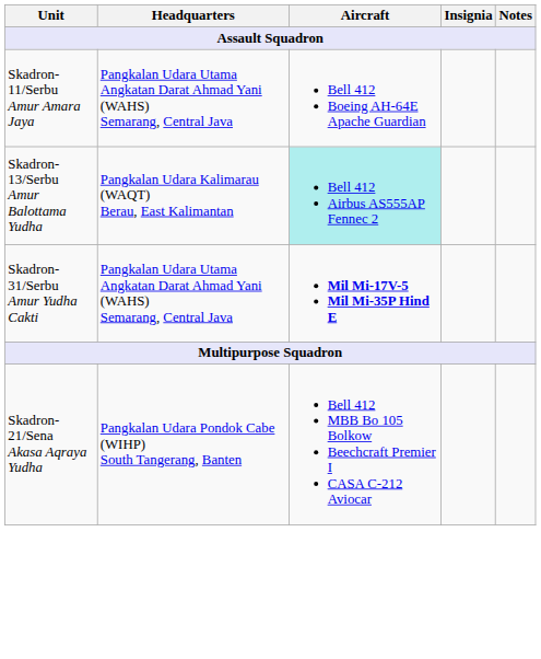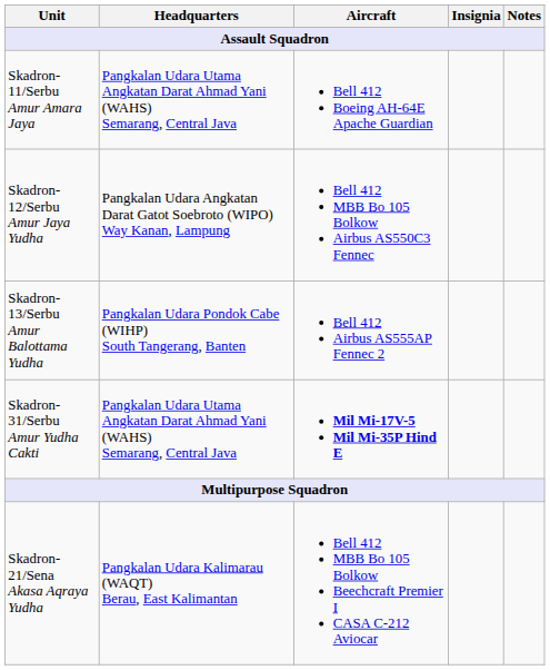 <table class="wikitable">
 <tr>
 <th style="text-align: center;">Unit</th>
 <th style="text-align: center;">Headquarters</th>
 <th style="text-align: center;">Aircraft</th>
 <th style="text-align: center;">Insignia</th>
 <th style="text-align: center;">Notes</th>
 </tr>
 <tr>
 <th colspan="5" style="align: center; background: lavender;"><strong>Assault Squadron</strong></th>
 </tr>
 <tr>
 <td>Skadron-11/Serbu<br><em>Amur Amara Jaya</em></td>
 <td><a href='#'>Pangkalan Udara Utama Angkatan Darat Ahmad Yani</a> (WAHS)<br><a href='#'>Semarang</a>, <a href='#'>Central Java</a></td>
 <td align="left"><br><ul><li><a href='#'>Bell 412</a></li><li><a href='#'>Boeing AH-64E Apache Guardian</a></li></ul></td>
 <td></td>
 <td></td>
 </tr>
 <tr>
+<td>Skadron-12/Serbu<br><em>Amur Jaya Yudha</em></td>
+<td>Pangkalan Udara Angkatan Darat Gatot Soebroto (WIPO)<br><a href='#'>Way Kanan</a>, <a href='#'>Lampung</a></td>
+<td align="left"><br><ul><li><a href='#'>Bell 412</a></li><li><a href='#'>MBB Bo 105 Bolkow</a></li><li><a href='#'>Airbus AS550C3 Fennec</a></li></ul></td>
+<td></td>
+<td></td>
+</tr>
+<tr>
 <td>Skadron-13/Serbu<br><em>Amur Balottama Yudha</em></td>
-<td><a href='#'>Pangkalan Udara Kalimarau</a> (WAQT)<br><a href='#'>Berau</a>, <a href='#'>East Kalimantan</a></td>
-<td align="left" style="background: paleturquoise;"><br><ul><li><a href='#'>Bell 412</a></li><li><a href='#'>Airbus AS555AP Fennec 2</a></li></ul></td>
+<td><a href='#'>Pangkalan Udara Pondok Cabe</a> (WIHP)<br><a href='#'>South Tangerang</a>, <a href='#'>Banten</a></td>
+<td align="left"><br><ul><li><a href='#'>Bell 412</a></li><li><a href='#'>Airbus AS555AP Fennec 2</a></li></ul></td>
 <td></td>
 <td></td>
 </tr>
 <tr>
 <td>Skadron-31/Serbu<br><em>Amur Yudha Cakti</em></td>
 <td><a href='#'>Pangkalan Udara Utama Angkatan Darat Ahmad Yani</a> (WAHS)<br><a href='#'>Semarang</a>, <a href='#'>Central Java</a></td>
 <td align="left"><strong><br><ul><li><a href='#'>Mil Mi-17V-5</a></li><li><a href='#'>Mil Mi-35P Hind E</a></li></ul></strong></td>
 <td></td>
 <td></td>
 </tr>
 <tr>
 <th colspan="5" style="align: center; background: lavender;"><strong>Multipurpose Squadron</strong></th>
 </tr>
 <tr>
 <td>Skadron-21/Sena<br><em>Akasa Aqraya Yudha</em></td>
-<td><a href='#'>Pangkalan Udara Pondok Cabe</a> (WIHP)<br><a href='#'>South Tangerang</a>, <a href='#'>Banten</a></td>
+<td><a href='#'>Pangkalan Udara Kalimarau</a> (WAQT)<br><a href='#'>Berau</a>, <a href='#'>East Kalimantan</a></td>
 <td align="left"><br><ul><li><a href='#'>Bell 412</a></li><li><a href='#'>MBB Bo 105 Bolkow</a></li><li><a href='#'>Beechcraft Premier I</a></li><li><a href='#'>CASA C-212 Aviocar</a></li></ul></td>
 <td></td>
 <td></td>
 </tr>
 </table>
